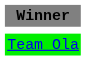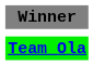 <table cellpadding=2 cellspacing=6>
 <tr bgcolor=#808080>
 <td colspan="3" align="center"><strong>Winner</strong></td>
 </tr>
 <tr>
-<td bgcolor="#green"><a href='#'>Team Ola</a></td>
+<td bgcolor="#green"><strong><a href='#'>Team Ola</a></strong></td>
 </tr>
 </table>
